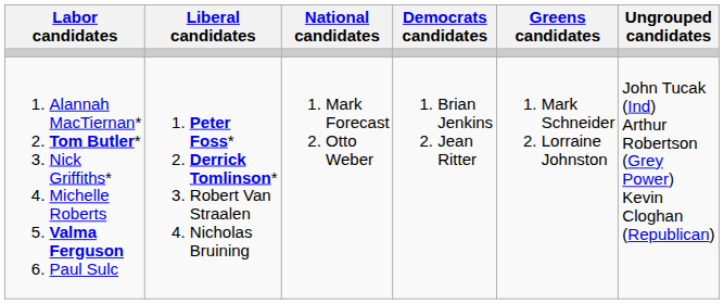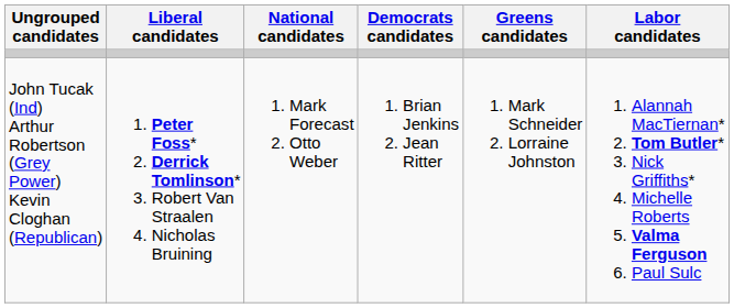 <table class="wikitable">
 <tr>
-<th><a href='#'>Labor</a> candidates</th>
+<th>Ungrouped candidates</th>
 <th><a href='#'>Liberal</a> candidates</th>
 <th><a href='#'>National</a> candidates</th>
 <th><a href='#'>Democrats</a> candidates</th>
 <th><a href='#'>Greens</a> candidates</th>
-<th>Ungrouped candidates</th>
+<th><a href='#'>Labor</a> candidates</th>
 </tr>
 <tr bgcolor="#cccccc">
 <td></td>
 <td></td>
 <td></td>
 <td></td>
 <td></td>
 <td></td>
 </tr>
 <tr>
-<td><br><ol><li><a href='#'>Alannah MacTiernan</a>*</li><li><strong><a href='#'>Tom Butler</a></strong>*</li><li><a href='#'>Nick Griffiths</a>*</li><li><a href='#'>Michelle Roberts</a></li><li><strong><a href='#'>Valma Ferguson</a></strong></li><li><a href='#'>Paul Sulc</a></li></ol></td>
+<td valign=top><br>John Tucak (<a href='#'>Ind</a>) <br> Arthur Robertson (<a href='#'>Grey Power</a>) <br> Kevin Cloghan (<a href='#'>Republican</a>)</td>
 <td><br><ol><li><strong><a href='#'>Peter Foss</a></strong>*</li><li><strong><a href='#'>Derrick Tomlinson</a></strong>*</li><li>Robert Van Straalen</li><li>Nicholas Bruining</li></ol></td>
 <td valign=top><br><ol><li>Mark Forecast</li><li>Otto Weber</li></ol></td>
 <td valign=top><br><ol><li>Brian Jenkins</li><li>Jean Ritter</li></ol></td>
 <td valign=top><br><ol><li>Mark Schneider</li><li>Lorraine Johnston</li></ol></td>
-<td valign=top><br>John Tucak (<a href='#'>Ind</a>) <br> Arthur Robertson (<a href='#'>Grey Power</a>) <br> Kevin Cloghan (<a href='#'>Republican</a>)</td>
+<td><br><ol><li><a href='#'>Alannah MacTiernan</a>*</li><li><strong><a href='#'>Tom Butler</a></strong>*</li><li><a href='#'>Nick Griffiths</a>*</li><li><a href='#'>Michelle Roberts</a></li><li><strong><a href='#'>Valma Ferguson</a></strong></li><li><a href='#'>Paul Sulc</a></li></ol></td>
 </tr>
 </table>
